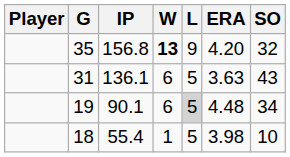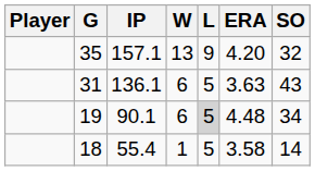 <table class="wikitable sortable" style="text-align:center;">
 <tr>
 <th>Player</th>
 <th>G</th>
 <th>IP</th>
 <th>W</th>
 <th>L</th>
 <th>ERA</th>
 <th>SO</th>
 </tr>
 <tr>
 <td></td>
 <td>35</td>
-<td>156.8</td>
-<td><strong>13</strong></td>
+<td>157.1</td>
+<td>13</td>
 <td>9</td>
 <td>4.20</td>
 <td>32</td>
 </tr>
 <tr>
 <td></td>
 <td>31</td>
 <td>136.1</td>
 <td>6</td>
 <td>5</td>
 <td>3.63</td>
 <td>43</td>
 </tr>
 <tr>
 <td></td>
 <td>19</td>
 <td>90.1</td>
 <td>6</td>
 <td style="background: lightgrey;">5</td>
 <td>4.48</td>
 <td>34</td>
 </tr>
 <tr>
 <td></td>
 <td>18</td>
 <td>55.4</td>
 <td>1</td>
 <td>5</td>
-<td>3.98</td>
-<td>10</td>
+<td>3.58</td>
+<td>14</td>
 </tr>
 </table>
